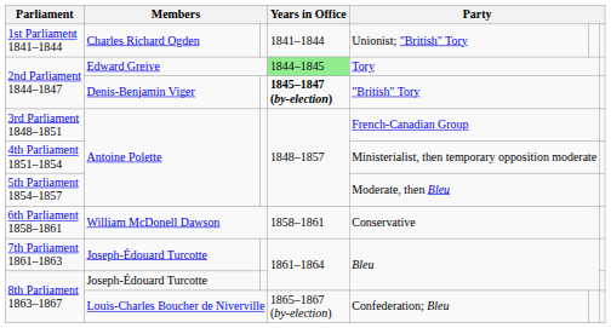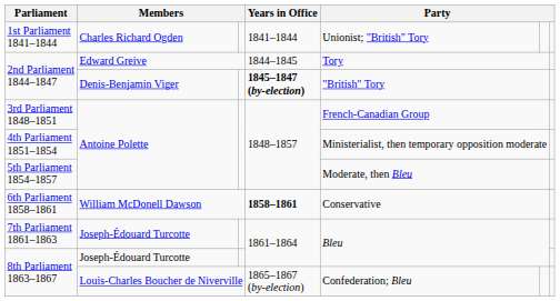 <table class="wikitable">
 <tr>
 <th>Parliament</th>
 <th colspan="2">Members</th>
 <th>Years in Office</th>
 <th colspan="3">Party</th>
 </tr>
 <tr>
 <td><a href='#'>1st Parliament</a><br>1841–1844</td>
 <td><a href='#'>Charles Richard Ogden</a></td>
 <td></td>
 <td>1841–1844</td>
 <td>Unionist;  <a href='#'>"British" Tory</a></td>
 <td></td>
 <td></td>
 </tr>
 <tr>
 <td rowspan="2"><a href='#'>2nd Parliament</a><br>1844–1847</td>
 <td colspan="2"><a href='#'>Edward Greive</a></td>
-<td style="background: lightgreen;">1844–1845</td>
+<td>1844–1845</td>
 <td colspan="2"><a href='#'>Tory</a></td>
 <td></td>
 </tr>
 <tr>
 <td><a href='#'>Denis-Benjamin Viger</a></td>
 <td></td>
 <td><strong>1845–1847 <br>(<em>by-election</em>)</strong></td>
 <td colspan="2"><a href='#'>"British" Tory</a></td>
 <td></td>
 </tr>
 <tr>
 <td><a href='#'>3rd Parliament</a><br>1848–1851</td>
 <td rowspan="3"><a href='#'>Antoine Polette</a></td>
 <td rowspan="3"></td>
 <td rowspan="3">1848–1857</td>
 <td colspan="2"><a href='#'>French-Canadian Group</a></td>
 <td></td>
 </tr>
 <tr>
 <td><a href='#'>4th Parliament</a><br>1851–1854</td>
 <td colspan="2">Ministerialist, then temporary opposition moderate</td>
 <td></td>
 </tr>
 <tr>
 <td><a href='#'>5th Parliament</a><br>1854–1857</td>
 <td colspan="2">Moderate, then <em><a href='#'>Bleu</a></em></td>
 <td></td>
 </tr>
 <tr>
 <td><a href='#'>6th Parliament</a><br>1858–1861</td>
 <td colspan ="2"><a href='#'>William McDonell Dawson</a></td>
-<td>1858–1861</td>
+<td><strong>1858–1861</strong></td>
 <td colspan="2">Conservative</td>
 <td></td>
 </tr>
 <tr>
 <td><a href='#'>7th Parliament</a><br>1861–1863</td>
 <td><a href='#'>Joseph-Édouard Turcotte</a></td>
 <td></td>
 <td rowspan="2">1861–1864</td>
 <td colspan="2" rowspan="2"><em>Bleu</em></td>
 <td></td>
 </tr>
 <tr>
 <td rowspan="2"><a href='#'>8th Parliament</a><br>1863–1867</td>
 <td>Joseph-Édouard Turcotte</td>
 <td></td>
 <td></td>
 </tr>
 <tr>
 <td colspan="2"><a href='#'>Louis-Charles Boucher de Niverville</a></td>
 <td>1865–1867<br>(<em>by-election</em>)</td>
 <td>Confederation; <em>Bleu</em></td>
 <td></td>
 <td></td>
 </tr>
 </table>
